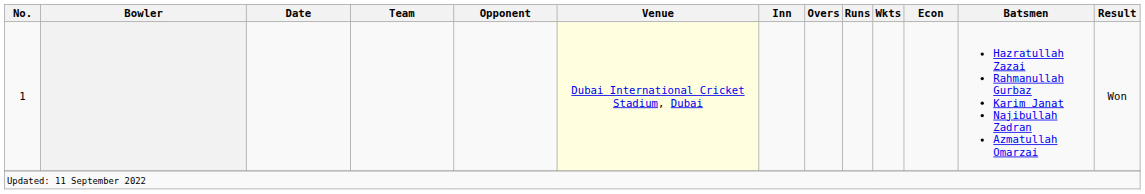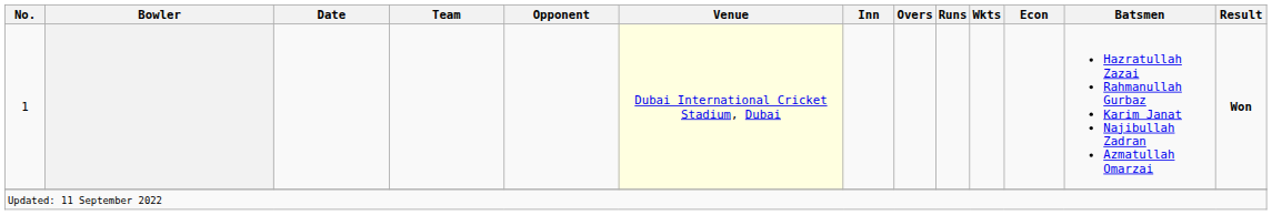 <table class="wikitable sortable plainrowheaders">
 <tr align=center>
 <th scope="col" style="width:38px;">No.</th>
 <th scope="col" style="width:245px;">Bowler</th>
 <th scope="col" style="width:120px;">Date</th>
 <th scope="col" style="width:120px;">Team</th>
 <th scope="col" style="width:120px;">Opponent</th>
 <th scope="col" style="width:240px;">Venue</th>
 <th scope="col" style="width:50px;">Inn</th>
 <th scope="col" style="width:32px;">Overs</th>
 <th scope="col" style="width:30px;">Runs</th>
 <th scope="col" style="width:30px;">Wkts</th>
 <th scope="col" style="width:60px;">Econ</th>
 <th scope="col" style="width:160px;" class="unsortable">Batsmen</th>
 <th scope="col" style="width:50px;">Result</th>
 </tr>
 <tr align=center>
 <td>1</td>
 <th scope="row" style="text-align:left;"></th>
 <td></td>
 <td></td>
 <td></td>
 <td style="background: lightyellow;"><a href='#'>Dubai International Cricket Stadium</a>, <a href='#'>Dubai</a></td>
 <td></td>
 <td></td>
 <td></td>
 <td></td>
 <td></td>
 <td align=left><br><ul><li><a href='#'>Hazratullah Zazai</a></li><li><a href='#'>Rahmanullah Gurbaz</a></li><li><a href='#'>Karim Janat</a></li><li><a href='#'>Najibullah Zadran</a></li><li><a href='#'>Azmatullah Omarzai</a></li></ul></td>
-<td>Won</td>
+<td><strong>Won</strong></td>
 </tr>
 <tr>
 </tr>
 <tr class="sortbottom">
 <td scope="row" colspan=13><small>Updated: 11 September 2022</small></td>
 </tr>
 </table>
